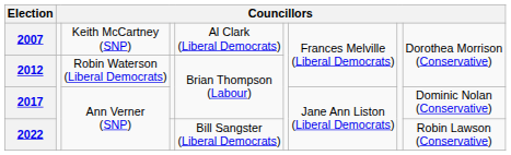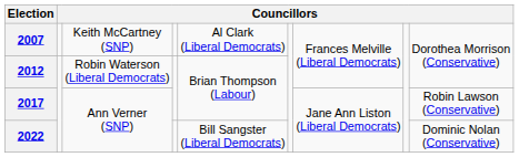 <table class="wikitable" style="text-align:center">
 <tr>
 <th>Election</th>
 <th colspan=8>Councillors</th>
 </tr>
 <tr>
 <th><a href='#'>2007</a></th>
 <td rowspan=1; style="background-color: "></td>
 <td rowspan=1>Keith McCartney<br>(<a href='#'>SNP</a>)</td>
 <td rowspan=1; style="background-color: "></td>
 <td rowspan=1>Al Clark<br>(<a href='#'>Liberal Democrats</a>)</td>
 <td rowspan=4; style="background-color: "></td>
 <td rowspan=2>Frances Melville<br>(<a href='#'>Liberal Democrats</a>)</td>
 <td rowspan=4; style="background-color: "></td>
 <td rowspan=2>Dorothea Morrison<br>(<a href='#'>Conservative</a>)</td>
 </tr>
 <tr>
 <th><a href='#'>2012</a></th>
 <td rowspan=3; style="background-color: "></td>
 <td rowspan=1>Robin Waterson<br>(<a href='#'>Liberal Democrats</a>)</td>
 <td rowspan=2; style="background-color: "></td>
 <td rowspan=2>Brian Thompson<br>(<a href='#'>Labour</a>)</td>
 </tr>
 <tr>
 <th><a href='#'>2017</a></th>
 <td rowspan=2>Ann Verner<br>(<a href='#'>SNP</a>)</td>
 <td rowspan=2>Jane Ann Liston<br>(<a href='#'>Liberal Democrats</a>)</td>
-<td rowspan=1>Dominic Nolan<br>(<a href='#'>Conservative</a>)</td>
+<td rowspan=1>Robin Lawson<br>(<a href='#'>Conservative</a>)</td>
 </tr>
 <tr>
 <th><a href='#'>2022</a></th>
 <td rowspan=1; style="background-color: "></td>
 <td rowspan=1>Bill Sangster<br>(<a href='#'>Liberal Democrats</a>)</td>
-<td rowspan=1>Robin Lawson<br>(<a href='#'>Conservative</a>)</td>
+<td rowspan=1>Dominic Nolan<br>(<a href='#'>Conservative</a>)</td>
 </tr>
 </table>
